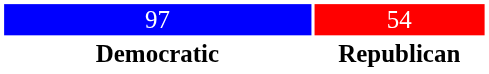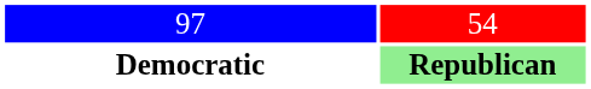 <table style="width:50%; text-align:center;">
 <tr style="color:white;">
 <td style="background:blue; width:64.24%;">97</td>
 <td style="background:red; width:35.76%;">54</td>
 </tr>
 <tr>
 <td><span><strong>Democratic</strong></span></td>
-<td><span><strong>Republican</strong></span></td>
+<td style="background: lightgreen;"><span><strong>Republican</strong></span></td>
 </tr>
 </table>
